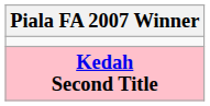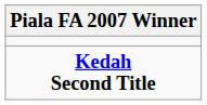 <table class="wikitable" style="text-align: center; margin: 0 auto;">
 <tr>
 <th>Piala FA 2007 Winner</th>
 </tr>
 <tr>
 <td></td>
 </tr>
 <tr>
-<td style="background: pink;"><strong><a href='#'>Kedah</a></strong><br><strong>Second Title</strong></td>
+<td><strong><a href='#'>Kedah</a></strong><br><strong>Second Title</strong></td>
 </tr>
 </table>
